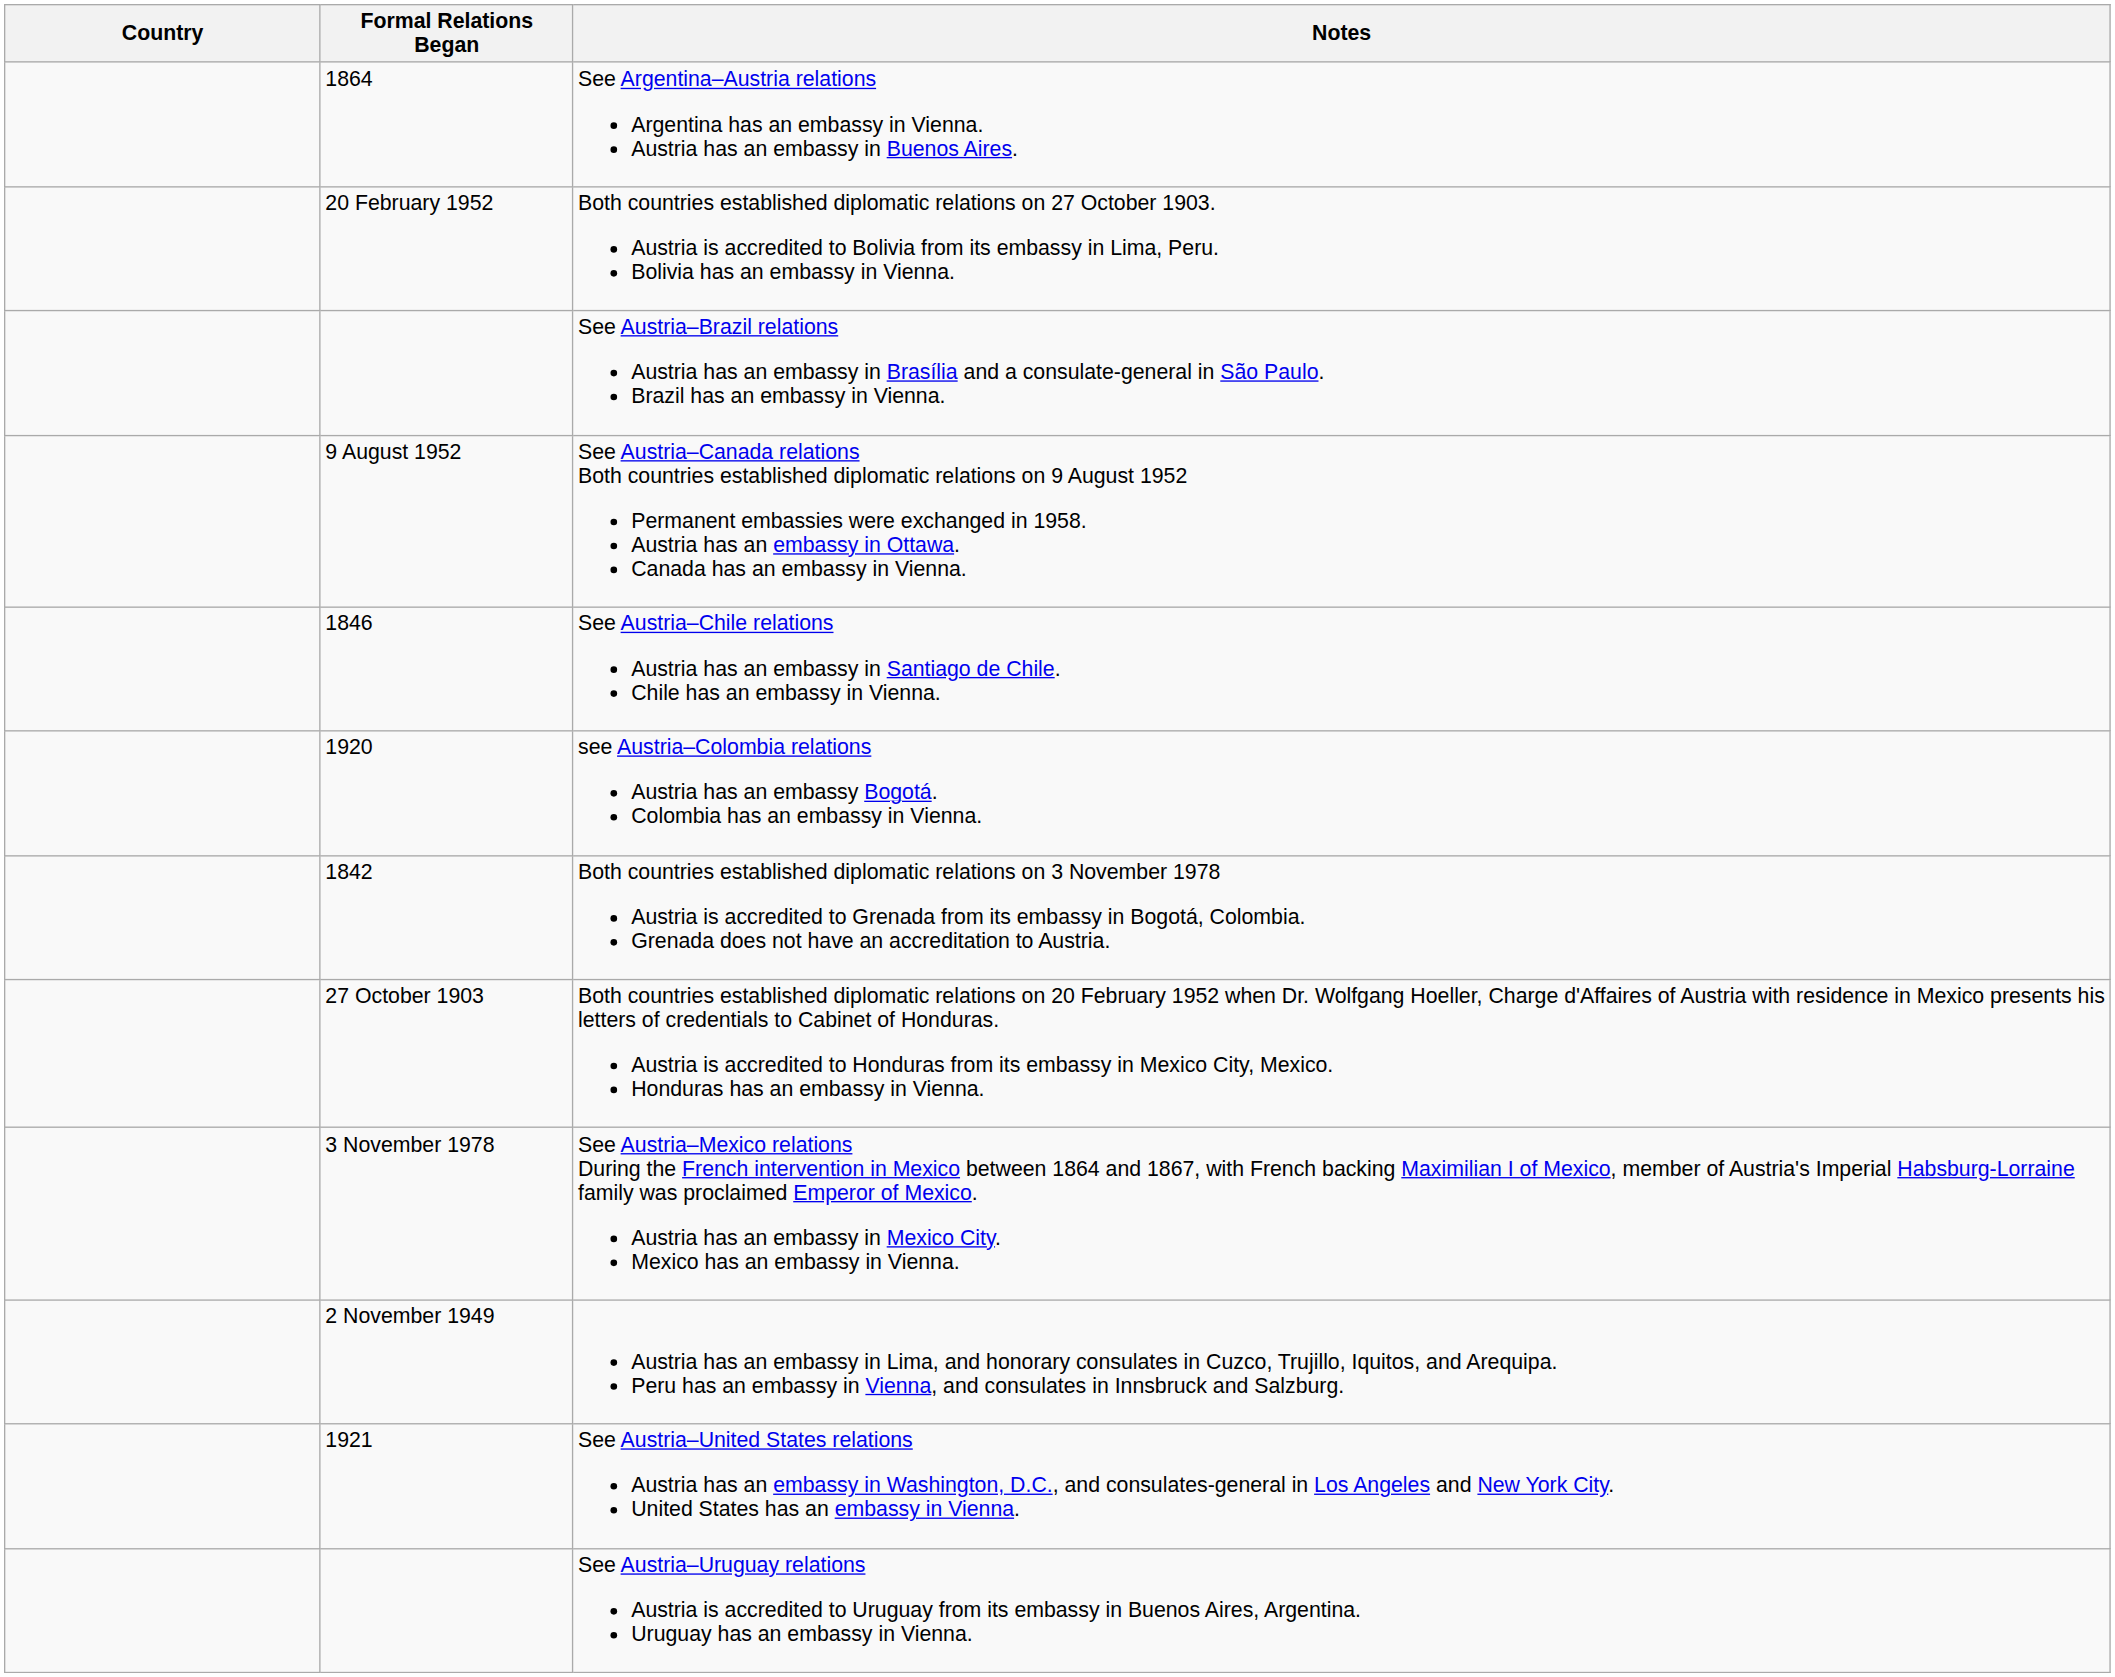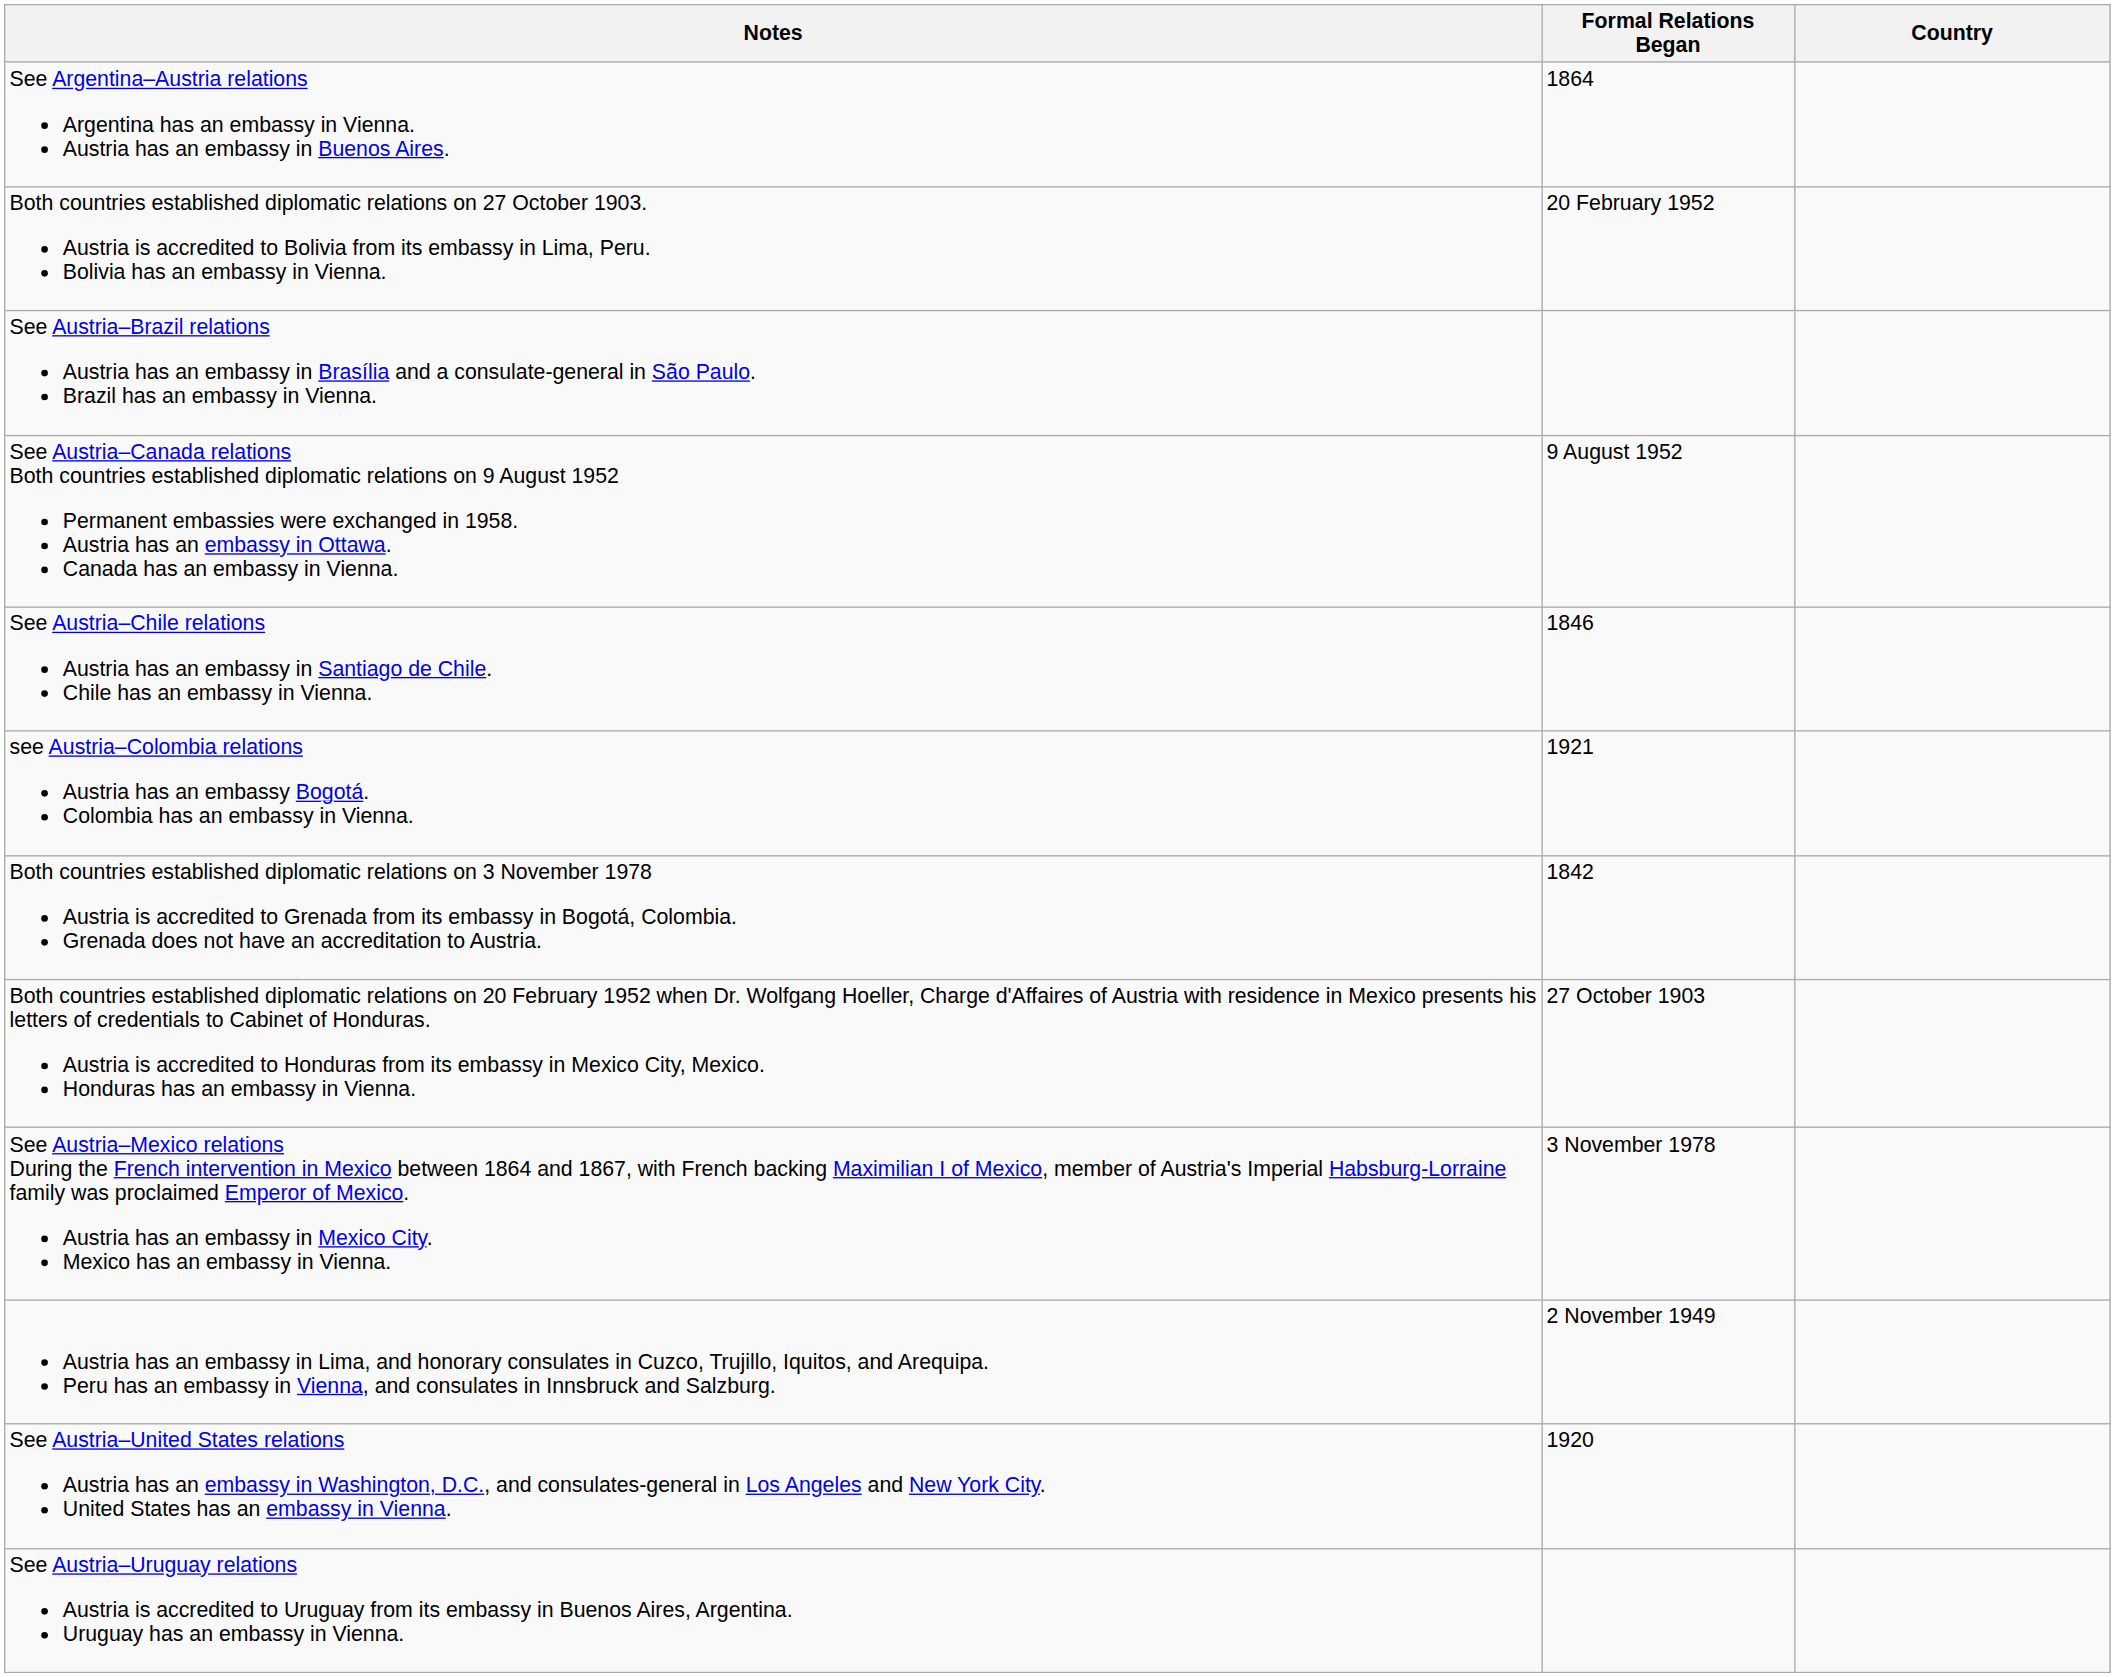 <table class="wikitable sortable" style="width:100%; margin:auto;">
 <tr>
+<th>Notes</th>
+<th style="width:12%;">Formal Relations Began</th>
 <th style="width:15%;">Country</th>
-<th style="width:12%;">Formal Relations Began</th>
-<th>Notes</th>
 </tr>
 <tr valign="top">
+<td>See <a href='#'>Argentina–Austria relations</a><br><ul><li>Argentina has an embassy in Vienna.</li><li>Austria has an embassy in <a href='#'>Buenos Aires</a>.</li></ul></td>
+<td>1864</td>
 <td></td>
-<td>1864</td>
-<td>See <a href='#'>Argentina–Austria relations</a><br><ul><li>Argentina has an embassy in Vienna.</li><li>Austria has an embassy in <a href='#'>Buenos Aires</a>.</li></ul></td>
 </tr>
 <tr valign="top">
+<td>Both countries established diplomatic relations on 27 October 1903.<br><ul><li>Austria is accredited to Bolivia from its embassy in Lima, Peru.</li><li>Bolivia has an embassy in Vienna.</li></ul></td>
+<td>20 February 1952</td>
 <td></td>
-<td>20 February 1952</td>
-<td>Both countries established diplomatic relations on 27 October 1903.<br><ul><li>Austria is accredited to Bolivia from its embassy in Lima, Peru.</li><li>Bolivia has an embassy in Vienna.</li></ul></td>
 </tr>
 <tr valign="top">
+<td>See <a href='#'>Austria–Brazil relations</a><br><ul><li>Austria has an embassy in <a href='#'>Brasília</a> and a consulate-general in <a href='#'>São Paulo</a>.</li><li>Brazil has an embassy in Vienna.</li></ul></td>
 <td></td>
 <td></td>
-<td>See <a href='#'>Austria–Brazil relations</a><br><ul><li>Austria has an embassy in <a href='#'>Brasília</a> and a consulate-general in <a href='#'>São Paulo</a>.</li><li>Brazil has an embassy in Vienna.</li></ul></td>
 </tr>
 <tr valign="top">
+<td>See <a href='#'>Austria–Canada relations</a><br>Both countries established diplomatic relations on 9 August 1952<ul><li>Permanent embassies were exchanged in 1958.</li><li>Austria has an <a href='#'>embassy in Ottawa</a>.</li><li>Canada has an embassy in Vienna.</li></ul></td>
+<td>9 August 1952</td>
 <td></td>
-<td>9 August 1952</td>
-<td>See <a href='#'>Austria–Canada relations</a><br>Both countries established diplomatic relations on 9 August 1952<ul><li>Permanent embassies were exchanged in 1958.</li><li>Austria has an <a href='#'>embassy in Ottawa</a>.</li><li>Canada has an embassy in Vienna.</li></ul></td>
 </tr>
 <tr valign="top">
+<td>See <a href='#'>Austria–Chile relations</a><br><ul><li>Austria has an embassy in <a href='#'>Santiago de Chile</a>.</li><li>Chile has an embassy in Vienna.</li></ul></td>
+<td>1846</td>
 <td></td>
-<td>1846</td>
-<td>See <a href='#'>Austria–Chile relations</a><br><ul><li>Austria has an embassy in <a href='#'>Santiago de Chile</a>.</li><li>Chile has an embassy in Vienna.</li></ul></td>
 </tr>
 <tr valign="top">
+<td>see <a href='#'>Austria–Colombia relations</a><br><ul><li>Austria has an embassy <a href='#'>Bogotá</a>.</li><li>Colombia has an embassy in Vienna.</li></ul></td>
+<td>1921</td>
 <td></td>
-<td>1920</td>
-<td>see <a href='#'>Austria–Colombia relations</a><br><ul><li>Austria has an embassy <a href='#'>Bogotá</a>.</li><li>Colombia has an embassy in Vienna.</li></ul></td>
 </tr>
 <tr valign="top">
+<td>Both countries established diplomatic relations on 3 November 1978<br><ul><li>Austria is accredited to Grenada from its embassy in Bogotá, Colombia.</li><li>Grenada does not have an accreditation to Austria.</li></ul></td>
+<td>1842</td>
 <td></td>
-<td>1842</td>
-<td>Both countries established diplomatic relations on 3 November 1978<br><ul><li>Austria is accredited to Grenada from its embassy in Bogotá, Colombia.</li><li>Grenada does not have an accreditation to Austria.</li></ul></td>
 </tr>
 <tr valign="top">
+<td>Both countries established diplomatic relations on 20 February 1952 when Dr. Wolfgang Hoeller, Charge d'Affaires of Austria with residence in Mexico presents his letters of credentials to Cabinet of Honduras.<br><ul><li>Austria is accredited to Honduras from its embassy in Mexico City, Mexico.</li><li>Honduras has an embassy in Vienna.</li></ul></td>
+<td>27 October 1903</td>
 <td></td>
-<td>27 October 1903</td>
-<td>Both countries established diplomatic relations on 20 February 1952 when Dr. Wolfgang Hoeller, Charge d'Affaires of Austria with residence in Mexico presents his letters of credentials to Cabinet of Honduras.<br><ul><li>Austria is accredited to Honduras from its embassy in Mexico City, Mexico.</li><li>Honduras has an embassy in Vienna.</li></ul></td>
 </tr>
 <tr valign="top">
+<td>See <a href='#'>Austria–Mexico relations</a><br>During the <a href='#'>French intervention in Mexico</a> between 1864 and 1867, with French backing <a href='#'>Maximilian I of Mexico</a>, member of Austria's Imperial <a href='#'>Habsburg-Lorraine</a> family was proclaimed <a href='#'>Emperor of Mexico</a>.<ul><li>Austria has an embassy in <a href='#'>Mexico City</a>.</li><li>Mexico has an embassy in Vienna.</li></ul></td>
+<td>3 November 1978</td>
 <td></td>
-<td>3 November 1978</td>
-<td>See <a href='#'>Austria–Mexico relations</a><br>During the <a href='#'>French intervention in Mexico</a> between 1864 and 1867, with French backing <a href='#'>Maximilian I of Mexico</a>, member of Austria's Imperial <a href='#'>Habsburg-Lorraine</a> family was proclaimed <a href='#'>Emperor of Mexico</a>.<ul><li>Austria has an embassy in <a href='#'>Mexico City</a>.</li><li>Mexico has an embassy in Vienna.</li></ul></td>
 </tr>
 <tr valign="top">
+<td><br><ul><li>Austria has an embassy in Lima, and honorary consulates in Cuzco, Trujillo, Iquitos, and Arequipa.</li><li>Peru has an embassy in <a href='#'>Vienna</a>, and consulates in Innsbruck and Salzburg.</li></ul></td>
+<td>2 November 1949</td>
 <td></td>
-<td>2 November 1949</td>
-<td><br><ul><li>Austria has an embassy in Lima, and honorary consulates in Cuzco, Trujillo, Iquitos, and Arequipa.</li><li>Peru has an embassy in <a href='#'>Vienna</a>, and consulates in Innsbruck and Salzburg.</li></ul></td>
 </tr>
 <tr valign="top">
+<td>See <a href='#'>Austria–United States relations</a><br><ul><li>Austria has an <a href='#'>embassy in Washington, D.C.</a>, and consulates-general in <a href='#'>Los Angeles</a> and <a href='#'>New York City</a>.</li><li>United States has an <a href='#'>embassy in Vienna</a>.</li></ul></td>
+<td>1920</td>
 <td></td>
-<td>1921</td>
-<td>See <a href='#'>Austria–United States relations</a><br><ul><li>Austria has an <a href='#'>embassy in Washington, D.C.</a>, and consulates-general in <a href='#'>Los Angeles</a> and <a href='#'>New York City</a>.</li><li>United States has an <a href='#'>embassy in Vienna</a>.</li></ul></td>
 </tr>
 <tr valign="top">
+<td>See <a href='#'>Austria–Uruguay relations</a><br><ul><li>Austria is accredited to Uruguay from its embassy in Buenos Aires, Argentina.</li><li>Uruguay has an embassy in Vienna.</li></ul></td>
 <td></td>
 <td></td>
-<td>See <a href='#'>Austria–Uruguay relations</a><br><ul><li>Austria is accredited to Uruguay from its embassy in Buenos Aires, Argentina.</li><li>Uruguay has an embassy in Vienna.</li></ul></td>
 </tr>
 </table>
